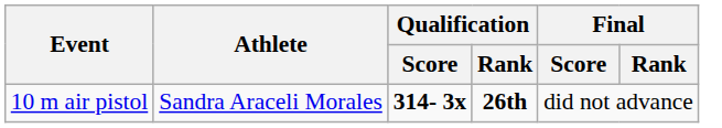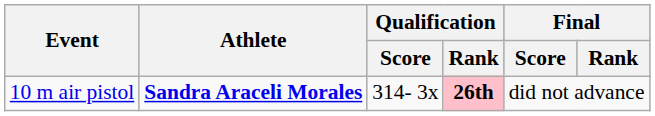 <table class="wikitable" border="1" style="font-size:90%">
 <tr>
 <th rowspan=2>Event</th>
 <th rowspan=2>Athlete</th>
 <th colspan=2>Qualification</th>
 <th colspan=2>Final</th>
 </tr>
 <tr>
 <th>Score</th>
 <th>Rank</th>
 <th>Score</th>
 <th>Rank</th>
 </tr>
 <tr>
 <td><a href='#'>10 m air pistol</a></td>
-<td><a href='#'>Sandra Araceli Morales</a></td>
-<td align=center><strong>314- 3x</strong></td>
-<td align=center><strong>26th</strong></td>
+<td><strong><a href='#'>Sandra Araceli Morales</a></strong></td>
+<td align=center>314- 3x</td>
+<td align=center style="background: pink;"><strong>26th</strong></td>
 <td align=center colspan="7">did not advance</td>
 </tr>
 </table>
